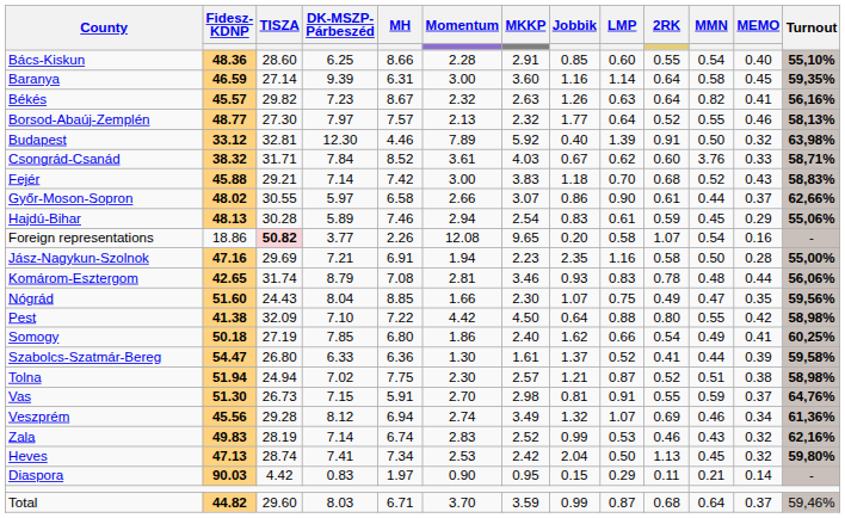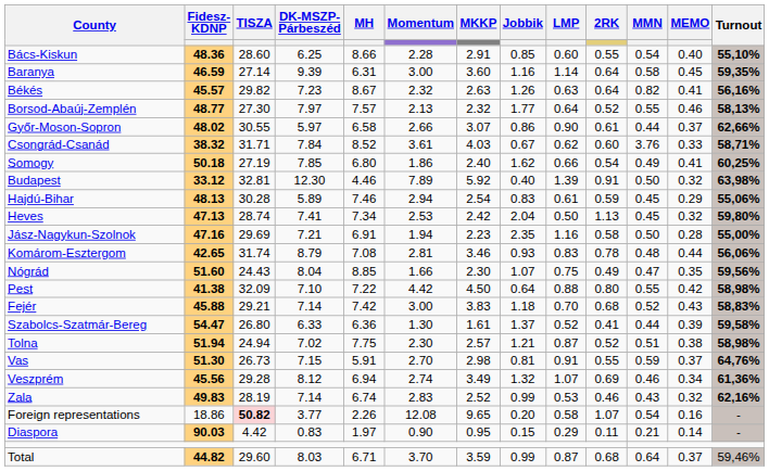 <table class="wikitable sortable" style="text-align:center;font-size:90%;line-height:14px">
 <tr style="height:40px;">
 <th style="width:200px;" rowspan="2"><a href='#'>County</a></th>
 <th style="width:40px;"><a href='#'>Fidesz-KDNP</a></th>
 <th style="width:40px;"><a href='#'>TISZA</a></th>
 <th style="width:40px;"><a href='#'>DK-MSZP-Párbeszéd</a></th>
 <th style="width:40px;"><a href='#'>MH</a></th>
 <th style="width:40px;"><a href='#'>Momentum</a></th>
 <th style="width:40px;"><a href='#'>MKKP</a></th>
 <th style="width:40px;"><a href='#'>Jobbik</a></th>
 <th style="width:40px;"><a href='#'>LMP</a></th>
 <th style="width:40px;"><a href='#'>2RK</a></th>
 <th style="width:40px;"><a href='#'>MMN</a></th>
 <th style="width:40px;"><a href='#'>MEMO</a></th>
 <th rowspan="2">Turnout </th>
 </tr>
 <tr>
 <th style="background:"></th>
 <th style="background:"></th>
 <th style="background:"></th>
 <th style="background:"></th>
 <th style="background:#8E6FCE;"></th>
 <th style="background:#808080;"></th>
 <th style="background:"></th>
 <th style="background:"></th>
 <th style="background:#E3CE7A;"></th>
 <th style="background:"></th>
 <th style="background:"></th>
 </tr>
 <tr>
 <td align="left"><a href='#'>Bács-Kiskun</a></td>
 <td style="background:#ffd27f;"><strong>48.36</strong></td>
 <td>28.60</td>
 <td>6.25</td>
 <td>8.66</td>
 <td>2.28</td>
 <td>2.91</td>
 <td>0.85</td>
 <td>0.60</td>
 <td>0.55</td>
 <td>0.54</td>
 <td>0.40</td>
 <td style="background:#C9C0BB;"><strong>55,10%</strong></td>
 </tr>
 <tr>
 <td align="left"><a href='#'>Baranya</a></td>
 <td style="background:#ffd27f;"><strong>46.59</strong></td>
 <td>27.14</td>
 <td>9.39</td>
 <td>6.31</td>
 <td>3.00</td>
 <td>3.60</td>
 <td>1.16</td>
 <td>1.14</td>
 <td>0.64</td>
 <td>0.58</td>
 <td>0.45</td>
 <td style="background:#C9C0BB;"><strong>59,35%</strong></td>
 </tr>
 <tr>
 <td align="left"><a href='#'>Békés</a></td>
 <td style="background:#ffd27f;"><strong>45.57</strong></td>
 <td>29.82</td>
 <td>7.23</td>
 <td>8.67</td>
 <td>2.32</td>
 <td>2.63</td>
 <td>1.26</td>
 <td>0.63</td>
 <td>0.64</td>
 <td>0.82</td>
 <td>0.41</td>
 <td style="background:#C9C0BB;"><strong>56,16%</strong></td>
 </tr>
 <tr>
 <td align="left"><a href='#'>Borsod-Abaúj-Zemplén</a></td>
 <td style="background:#ffd27f;"><strong>48.77</strong></td>
 <td>27.30</td>
 <td>7.97</td>
 <td>7.57</td>
 <td>2.13</td>
 <td>2.32</td>
 <td>1.77</td>
 <td>0.64</td>
 <td>0.52</td>
 <td>0.55</td>
 <td>0.46</td>
 <td style="background:#C9C0BB;"><strong>58,13%</strong></td>
 </tr>
 <tr>
-<td align="left"><a href='#'>Budapest</a></td>
-<td style="background:#ffd27f;"><strong>33.12</strong></td>
-<td>32.81</td>
-<td>12.30</td>
-<td>4.46</td>
-<td>7.89</td>
-<td>5.92</td>
-<td>0.40</td>
-<td>1.39</td>
-<td>0.91</td>
-<td>0.50</td>
-<td>0.32</td>
-<td style="background:#C9C0BB;"><strong>63,98%</strong></td>
+<td align="left"><a href='#'>Győr-Moson-Sopron</a></td>
+<td style="background:#ffd27f;"><strong>48.02</strong></td>
+<td>30.55</td>
+<td>5.97</td>
+<td>6.58</td>
+<td>2.66</td>
+<td>3.07</td>
+<td>0.86</td>
+<td>0.90</td>
+<td>0.61</td>
+<td>0.44</td>
+<td>0.37</td>
+<td style="background:#C9C0BB;"><strong>62,66%</strong></td>
 </tr>
 <tr>
 <td align="left"><a href='#'>Csongrád-Csanád</a></td>
 <td style="background:#ffd27f;"><strong>38.32</strong></td>
 <td>31.71</td>
 <td>7.84</td>
 <td>8.52</td>
 <td>3.61</td>
 <td>4.03</td>
 <td>0.67</td>
 <td>0.62</td>
 <td>0.60</td>
 <td>3.76</td>
 <td>0.33</td>
 <td style="background:#C9C0BB;"><strong>58,71%</strong></td>
 </tr>
 <tr>
-<td align="left"><a href='#'>Fejér</a></td>
-<td style="background:#ffd27f;"><strong>45.88</strong></td>
-<td>29.21</td>
-<td>7.14</td>
-<td>7.42</td>
-<td>3.00</td>
-<td>3.83</td>
-<td>1.18</td>
-<td>0.70</td>
-<td>0.68</td>
-<td>0.52</td>
-<td>0.43</td>
-<td style="background:#C9C0BB;"><strong>58,83%</strong></td>
+<td align="left"><a href='#'>Somogy</a></td>
+<td style="background:#ffd27f;"><strong>50.18</strong></td>
+<td>27.19</td>
+<td>7.85</td>
+<td>6.80</td>
+<td>1.86</td>
+<td>2.40</td>
+<td>1.62</td>
+<td>0.66</td>
+<td>0.54</td>
+<td>0.49</td>
+<td>0.41</td>
+<td style="background:#C9C0BB;"><strong>60,25%</strong></td>
 </tr>
 <tr>
-<td align="left"><a href='#'>Győr-Moson-Sopron</a></td>
-<td style="background:#ffd27f;"><strong>48.02</strong></td>
-<td>30.55</td>
-<td>5.97</td>
-<td>6.58</td>
-<td>2.66</td>
-<td>3.07</td>
-<td>0.86</td>
-<td>0.90</td>
-<td>0.61</td>
-<td>0.44</td>
-<td>0.37</td>
-<td style="background:#C9C0BB;"><strong>62,66%</strong></td>
+<td align="left"><a href='#'>Budapest</a></td>
+<td style="background:#ffd27f;"><strong>33.12</strong></td>
+<td>32.81</td>
+<td>12.30</td>
+<td>4.46</td>
+<td>7.89</td>
+<td>5.92</td>
+<td>0.40</td>
+<td>1.39</td>
+<td>0.91</td>
+<td>0.50</td>
+<td>0.32</td>
+<td style="background:#C9C0BB;"><strong>63,98%</strong></td>
 </tr>
 <tr>
 <td align="left"><a href='#'>Hajdú-Bihar</a></td>
 <td style="background:#ffd27f;"><strong>48.13</strong></td>
 <td>30.28</td>
 <td>5.89</td>
 <td>7.46</td>
 <td>2.94</td>
 <td>2.54</td>
 <td>0.83</td>
 <td>0.61</td>
 <td>0.59</td>
 <td>0.45</td>
 <td>0.29</td>
 <td style="background:#C9C0BB;"><strong>55,06%</strong></td>
 </tr>
 <tr>
-<td align="left">Foreign representations</td>
-<td>18.86</td>
-<td style="background:#FBD4D7;"><strong>50.82</strong></td>
-<td>3.77</td>
-<td>2.26</td>
-<td>12.08</td>
-<td>9.65</td>
-<td>0.20</td>
-<td>0.58</td>
-<td>1.07</td>
-<td>0.54</td>
-<td>0.16</td>
-<td style="background:#C9C0BB;">-</td>
+<td align="left"><a href='#'>Heves</a></td>
+<td style="background:#ffd27f;"><strong>47.13</strong></td>
+<td>28.74</td>
+<td>7.41</td>
+<td>7.34</td>
+<td>2.53</td>
+<td>2.42</td>
+<td>2.04</td>
+<td>0.50</td>
+<td>1.13</td>
+<td>0.45</td>
+<td>0.32</td>
+<td style="background:#C9C0BB;"><strong>59,80%</strong></td>
 </tr>
 <tr>
 <td align="left"><a href='#'>Jász-Nagykun-Szolnok</a></td>
 <td style="background:#ffd27f;"><strong>47.16</strong></td>
 <td>29.69</td>
 <td>7.21</td>
 <td>6.91</td>
 <td>1.94</td>
 <td>2.23</td>
 <td>2.35</td>
 <td>1.16</td>
 <td>0.58</td>
 <td>0.50</td>
 <td>0.28</td>
 <td style="background:#C9C0BB;"><strong>55,00%</strong></td>
 </tr>
 <tr>
 <td align="left"><a href='#'>Komárom-Esztergom</a></td>
 <td style="background:#ffd27f;"><strong>42.65</strong></td>
 <td>31.74</td>
 <td>8.79</td>
 <td>7.08</td>
 <td>2.81</td>
 <td>3.46</td>
 <td>0.93</td>
 <td>0.83</td>
 <td>0.78</td>
 <td>0.48</td>
 <td>0.44</td>
 <td style="background:#C9C0BB;"><strong>56,06%</strong></td>
 </tr>
 <tr>
 <td align="left"><a href='#'>Nógrád</a></td>
 <td style="background:#ffd27f;"><strong>51.60</strong></td>
 <td>24.43</td>
 <td>8.04</td>
 <td>8.85</td>
 <td>1.66</td>
 <td>2.30</td>
 <td>1.07</td>
 <td>0.75</td>
 <td>0.49</td>
 <td>0.47</td>
 <td>0.35</td>
 <td style="background:#C9C0BB;"><strong>59,56%</strong></td>
 </tr>
 <tr>
 <td align="left"><a href='#'>Pest</a></td>
 <td style="background:#ffd27f;"><strong>41.38</strong></td>
 <td>32.09</td>
 <td>7.10</td>
 <td>7.22</td>
 <td>4.42</td>
 <td>4.50</td>
 <td>0.64</td>
 <td>0.88</td>
 <td>0.80</td>
 <td>0.55</td>
 <td>0.42</td>
 <td style="background:#C9C0BB;"><strong>58,98%</strong></td>
 </tr>
 <tr>
-<td align="left"><a href='#'>Somogy</a></td>
-<td style="background:#ffd27f;"><strong>50.18</strong></td>
-<td>27.19</td>
-<td>7.85</td>
-<td>6.80</td>
-<td>1.86</td>
-<td>2.40</td>
-<td>1.62</td>
-<td>0.66</td>
-<td>0.54</td>
-<td>0.49</td>
-<td>0.41</td>
-<td style="background:#C9C0BB;"><strong>60,25%</strong></td>
+<td align="left"><a href='#'>Fejér</a></td>
+<td style="background:#ffd27f;"><strong>45.88</strong></td>
+<td>29.21</td>
+<td>7.14</td>
+<td>7.42</td>
+<td>3.00</td>
+<td>3.83</td>
+<td>1.18</td>
+<td>0.70</td>
+<td>0.68</td>
+<td>0.52</td>
+<td>0.43</td>
+<td style="background:#C9C0BB;"><strong>58,83%</strong></td>
 </tr>
 <tr>
 <td align="left"><a href='#'>Szabolcs-Szatmár-Bereg</a></td>
 <td style="background:#ffd27f;"><strong>54.47</strong></td>
 <td>26.80</td>
 <td>6.33</td>
 <td>6.36</td>
 <td>1.30</td>
 <td>1.61</td>
 <td>1.37</td>
 <td>0.52</td>
 <td>0.41</td>
 <td>0.44</td>
 <td>0.39</td>
 <td style="background:#C9C0BB;"><strong>59,58%</strong></td>
 </tr>
 <tr>
 <td align="left"><a href='#'>Tolna</a></td>
 <td style="background:#ffd27f;"><strong>51.94</strong></td>
 <td>24.94</td>
 <td>7.02</td>
 <td>7.75</td>
 <td>2.30</td>
 <td>2.57</td>
 <td>1.21</td>
 <td>0.87</td>
 <td>0.52</td>
 <td>0.51</td>
 <td>0.38</td>
 <td style="background:#C9C0BB;"><strong>58,98%</strong></td>
 </tr>
 <tr>
 <td align="left"><a href='#'>Vas</a></td>
 <td style="background:#ffd27f;"><strong>51.30</strong></td>
 <td>26.73</td>
 <td>7.15</td>
 <td>5.91</td>
 <td>2.70</td>
 <td>2.98</td>
 <td>0.81</td>
 <td>0.91</td>
 <td>0.55</td>
 <td>0.59</td>
 <td>0.37</td>
 <td style="background:#C9C0BB;"><strong>64,76%</strong></td>
 </tr>
 <tr>
 <td align="left"><a href='#'>Veszprém</a></td>
 <td style="background:#ffd27f;"><strong>45.56</strong></td>
 <td>29.28</td>
 <td>8.12</td>
 <td>6.94</td>
 <td>2.74</td>
 <td>3.49</td>
 <td>1.32</td>
 <td>1.07</td>
 <td>0.69</td>
 <td>0.46</td>
 <td>0.34</td>
 <td style="background:#C9C0BB;"><strong>61,36%</strong></td>
 </tr>
 <tr>
 <td align="left"><a href='#'>Zala</a></td>
 <td style="background:#ffd27f;"><strong>49.83</strong></td>
 <td>28.19</td>
 <td>7.14</td>
 <td>6.74</td>
 <td>2.83</td>
 <td>2.52</td>
 <td>0.99</td>
 <td>0.53</td>
 <td>0.46</td>
 <td>0.43</td>
 <td>0.32</td>
 <td style="background:#C9C0BB;"><strong>62,16%</strong></td>
 </tr>
 <tr>
-<td align="left"><a href='#'>Heves</a></td>
-<td style="background:#ffd27f;"><strong>47.13</strong></td>
-<td>28.74</td>
-<td>7.41</td>
-<td>7.34</td>
-<td>2.53</td>
-<td>2.42</td>
-<td>2.04</td>
-<td>0.50</td>
-<td>1.13</td>
-<td>0.45</td>
-<td>0.32</td>
-<td style="background:#C9C0BB;"><strong>59,80%</strong></td>
+<td align="left">Foreign representations</td>
+<td>18.86</td>
+<td style="background:#FBD4D7;"><strong>50.82</strong></td>
+<td>3.77</td>
+<td>2.26</td>
+<td>12.08</td>
+<td>9.65</td>
+<td>0.20</td>
+<td>0.58</td>
+<td>1.07</td>
+<td>0.54</td>
+<td>0.16</td>
+<td style="background:#C9C0BB;">-</td>
 </tr>
 <tr>
 <td align="left"><a href='#'>Diaspora</a></td>
 <td style="background:#ffd27f;"><strong>90.03</strong></td>
 <td>4.42</td>
 <td>0.83</td>
 <td>1.97</td>
 <td>0.90</td>
 <td>0.95</td>
 <td>0.15</td>
 <td>0.29</td>
 <td>0.11</td>
 <td>0.21</td>
 <td>0.14</td>
 <td style="background:#C9C0BB;">-</td>
 </tr>
 <tr>
 <td colspan=10></td>
 </tr>
 <tr>
 <td align="left">Total</td>
 <td style="background:#ffd27f;"><strong>44.82</strong></td>
 <td>29.60</td>
 <td>8.03</td>
 <td>6.71</td>
 <td>3.70</td>
 <td>3.59</td>
 <td>0.99</td>
 <td>0.87</td>
 <td>0.68</td>
 <td>0.64</td>
 <td>0.37</td>
 <td style="background:#C9C0BB;">59,46%</td>
 </tr>
 </table>
